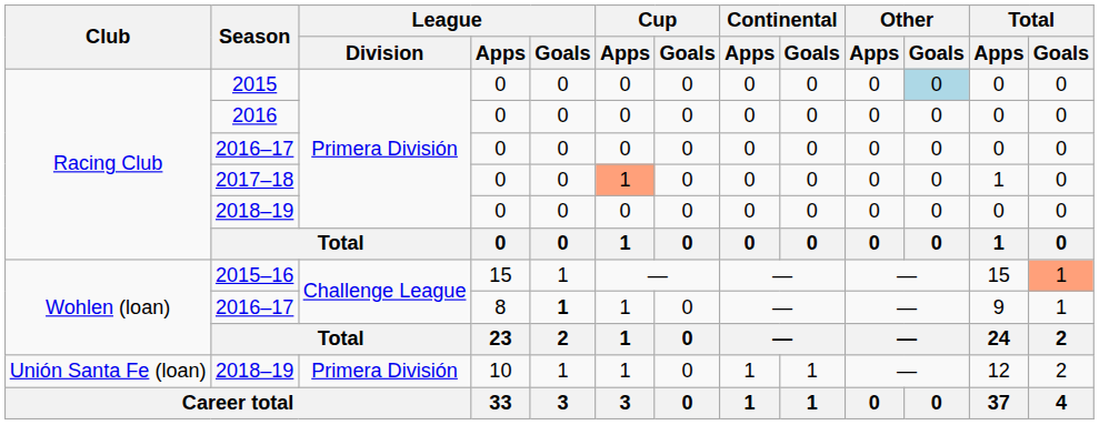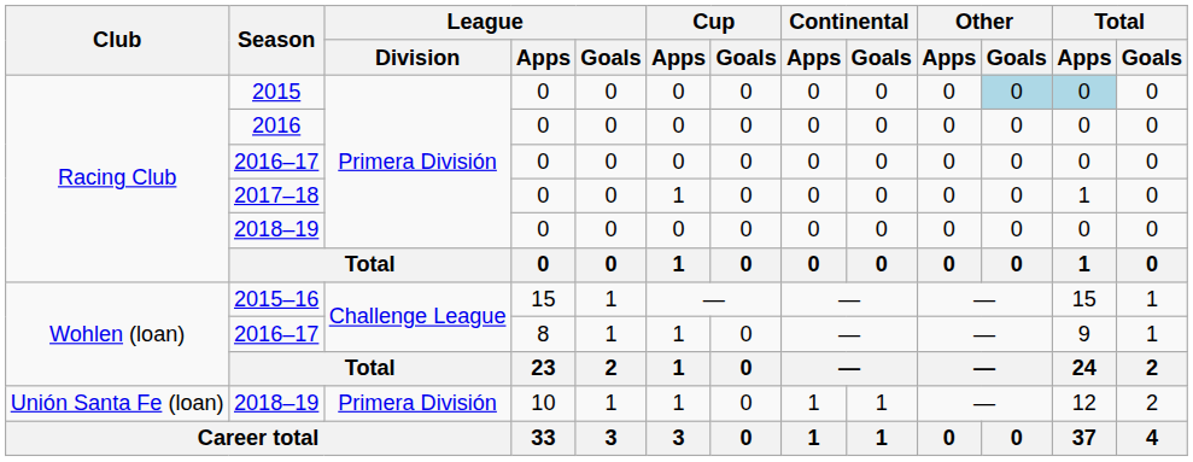 <table class="wikitable" style="text-align:center">
 <tr>
 <th rowspan="2">Club</th>
 <th rowspan="2">Season</th>
 <th colspan="3">League</th>
 <th colspan="2">Cup</th>
 <th colspan="2">Continental</th>
 <th colspan="2">Other</th>
 <th colspan="2">Total</th>
 </tr>
 <tr>
 <th>Division</th>
 <th>Apps</th>
 <th>Goals</th>
 <th>Apps</th>
 <th>Goals</th>
 <th>Apps</th>
 <th>Goals</th>
 <th>Apps</th>
 <th>Goals</th>
 <th>Apps</th>
 <th>Goals</th>
 </tr>
 <tr>
 <td rowspan="6"><a href='#'>Racing Club</a></td>
 <td><a href='#'>2015</a></td>
 <td rowspan="5"><a href='#'>Primera División</a></td>
 <td>0</td>
 <td>0</td>
 <td>0</td>
 <td>0</td>
 <td>0</td>
 <td>0</td>
 <td>0</td>
 <td style="background: lightblue;">0</td>
-<td>0</td>
+<td style="background: lightblue;">0</td>
 <td>0</td>
 </tr>
 <tr>
 <td><a href='#'>2016</a></td>
 <td>0</td>
 <td>0</td>
 <td>0</td>
 <td>0</td>
 <td>0</td>
 <td>0</td>
 <td>0</td>
 <td>0</td>
 <td>0</td>
 <td>0</td>
 </tr>
 <tr>
 <td><a href='#'>2016–17</a></td>
 <td>0</td>
 <td>0</td>
 <td>0</td>
 <td>0</td>
 <td>0</td>
 <td>0</td>
 <td>0</td>
 <td>0</td>
 <td>0</td>
 <td>0</td>
 </tr>
 <tr>
 <td><a href='#'>2017–18</a></td>
 <td>0</td>
 <td>0</td>
-<td style="background: lightsalmon;">1</td>
+<td>1</td>
 <td>0</td>
 <td>0</td>
 <td>0</td>
 <td>0</td>
 <td>0</td>
 <td>1</td>
 <td>0</td>
 </tr>
 <tr>
 <td><a href='#'>2018–19</a></td>
 <td>0</td>
 <td>0</td>
 <td>0</td>
 <td>0</td>
 <td>0</td>
 <td>0</td>
 <td>0</td>
 <td>0</td>
 <td>0</td>
 <td>0</td>
 </tr>
 <tr>
 <th colspan="2">Total</th>
 <th>0</th>
 <th>0</th>
 <th>1</th>
 <th>0</th>
 <th>0</th>
 <th>0</th>
 <th>0</th>
 <th>0</th>
 <th>1</th>
 <th>0</th>
 </tr>
 <tr>
 <td rowspan="3"><a href='#'>Wohlen</a> (loan)</td>
 <td><a href='#'>2015–16</a></td>
 <td rowspan="2"><a href='#'>Challenge League</a></td>
 <td>15</td>
 <td>1</td>
 <td colspan="2">—</td>
 <td colspan="2">—</td>
 <td colspan="2">—</td>
 <td>15</td>
-<td style="background: lightsalmon;">1</td>
+<td>1</td>
 </tr>
 <tr>
 <td><a href='#'>2016–17</a></td>
 <td>8</td>
-<td><strong>1</strong></td>
+<td>1</td>
 <td>1</td>
 <td>0</td>
 <td colspan="2">—</td>
 <td colspan="2">—</td>
 <td>9</td>
 <td>1</td>
 </tr>
 <tr>
 <th colspan="2">Total</th>
 <th>23</th>
 <th>2</th>
 <th>1</th>
 <th>0</th>
 <th colspan="2">—</th>
 <th colspan="2">—</th>
 <th>24</th>
 <th>2</th>
 </tr>
 <tr>
 <td rowspan="1"><a href='#'>Unión Santa Fe</a> (loan)</td>
 <td><a href='#'>2018–19</a></td>
 <td rowspan="1"><a href='#'>Primera División</a></td>
 <td>10</td>
 <td>1</td>
 <td>1</td>
 <td>0</td>
 <td>1</td>
 <td>1</td>
 <td colspan="2">—</td>
 <td>12</td>
 <td>2</td>
 </tr>
 <tr>
 <th colspan="3">Career total</th>
 <th>33</th>
 <th>3</th>
 <th>3</th>
 <th>0</th>
 <th>1</th>
 <th>1</th>
 <th>0</th>
 <th>0</th>
 <th>37</th>
 <th>4</th>
 </tr>
 </table>
